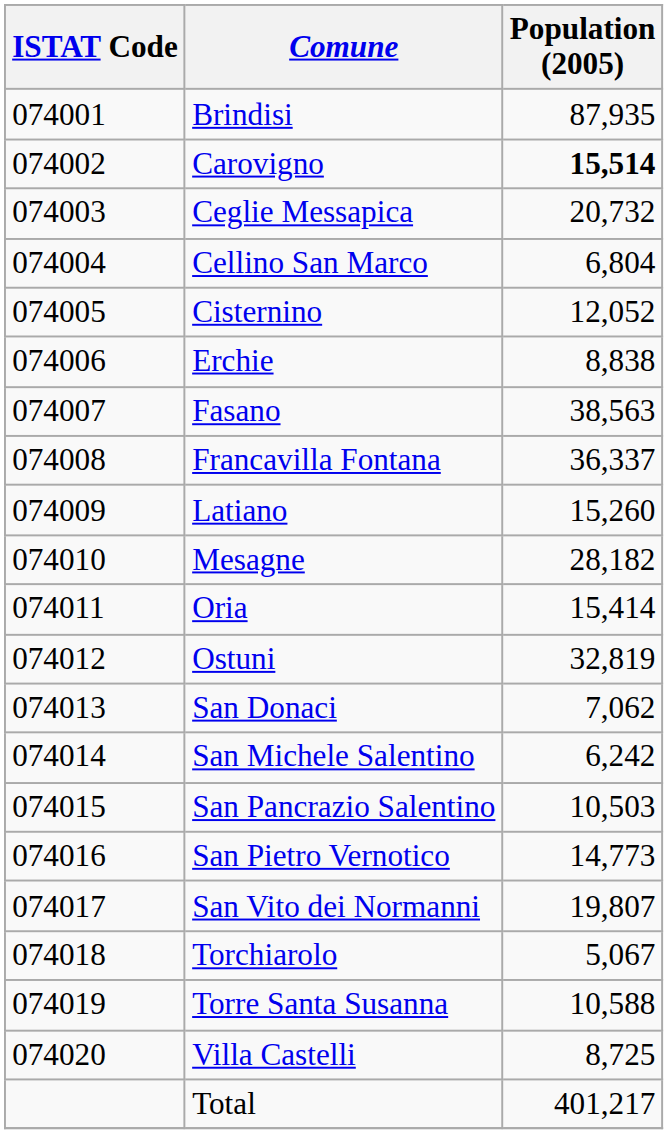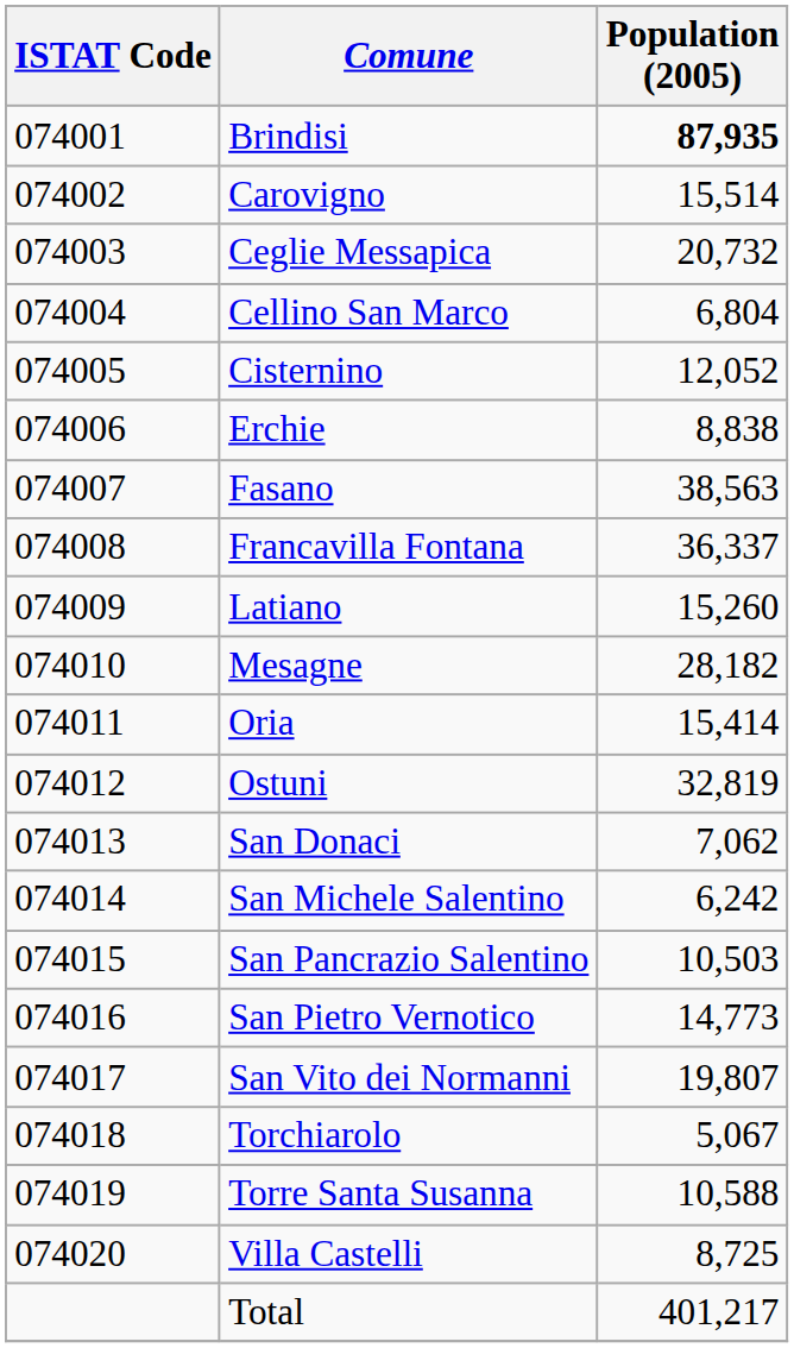 <table class="wikitable sortable">
 <tr>
 <th><a href='#'>ISTAT</a> Code</th>
 <th><em><a href='#'>Comune</a></em></th>
 <th>Population <br>(2005)</th>
 </tr>
 <tr>
 <td>074001</td>
 <td><a href='#'>Brindisi</a></td>
-<td align="right">87,935</td>
+<td align="right"><strong>87,935</strong></td>
 </tr>
 <tr>
 <td>074002</td>
 <td><a href='#'>Carovigno</a></td>
-<td align="right"><strong>15,514</strong></td>
+<td align="right">15,514</td>
 </tr>
 <tr>
 <td>074003</td>
 <td><a href='#'>Ceglie Messapica</a></td>
 <td align="right">20,732</td>
 </tr>
 <tr>
 <td>074004</td>
 <td><a href='#'>Cellino San Marco</a></td>
 <td align="right">6,804</td>
 </tr>
 <tr>
 <td>074005</td>
 <td><a href='#'>Cisternino</a></td>
 <td align="right">12,052</td>
 </tr>
 <tr>
 <td>074006</td>
 <td><a href='#'>Erchie</a></td>
 <td align="right">8,838</td>
 </tr>
 <tr>
 <td>074007</td>
 <td><a href='#'>Fasano</a></td>
 <td align="right">38,563</td>
 </tr>
 <tr>
 <td>074008</td>
 <td><a href='#'>Francavilla Fontana</a></td>
 <td align="right">36,337</td>
 </tr>
 <tr>
 <td>074009</td>
 <td><a href='#'>Latiano</a></td>
 <td align="right">15,260</td>
 </tr>
 <tr>
 <td>074010</td>
 <td><a href='#'>Mesagne</a></td>
 <td align="right">28,182</td>
 </tr>
 <tr>
 <td>074011</td>
 <td><a href='#'>Oria</a></td>
 <td align="right">15,414</td>
 </tr>
 <tr>
 <td>074012</td>
 <td><a href='#'>Ostuni</a></td>
 <td align="right">32,819</td>
 </tr>
 <tr>
 <td>074013</td>
 <td><a href='#'>San Donaci</a></td>
 <td align="right">7,062</td>
 </tr>
 <tr>
 <td>074014</td>
 <td><a href='#'>San Michele Salentino</a></td>
 <td align="right">6,242</td>
 </tr>
 <tr>
 <td>074015</td>
 <td><a href='#'>San Pancrazio Salentino</a></td>
 <td align="right">10,503</td>
 </tr>
 <tr>
 <td>074016</td>
 <td><a href='#'>San Pietro Vernotico</a></td>
 <td align="right">14,773</td>
 </tr>
 <tr>
 <td>074017</td>
 <td><a href='#'>San Vito dei Normanni</a></td>
 <td align="right">19,807</td>
 </tr>
 <tr>
 <td>074018</td>
 <td><a href='#'>Torchiarolo</a></td>
 <td align="right">5,067</td>
 </tr>
 <tr>
 <td>074019</td>
 <td><a href='#'>Torre Santa Susanna</a></td>
 <td align="right">10,588</td>
 </tr>
 <tr>
 <td>074020</td>
 <td><a href='#'>Villa Castelli</a></td>
 <td align="right">8,725</td>
 </tr>
 <tr>
 <td></td>
 <td>Total</td>
 <td align="right">401,217</td>
 </tr>
 <tr>
 </tr>
 </table>
